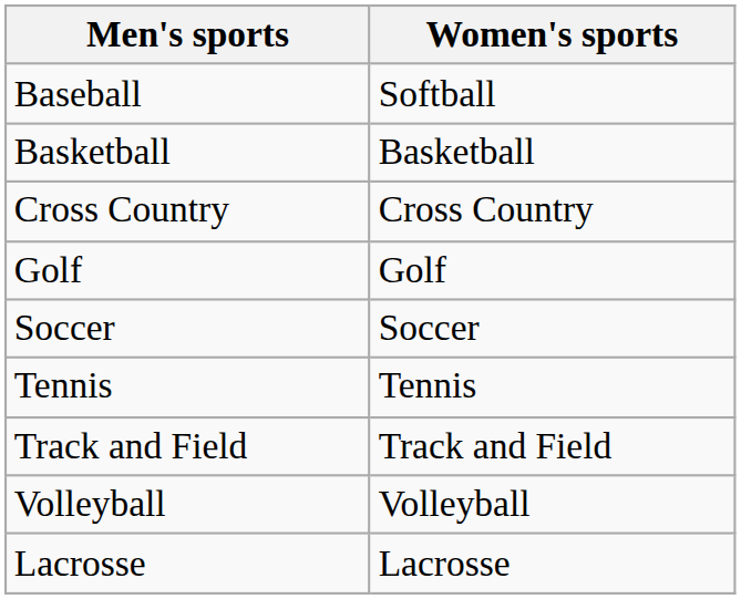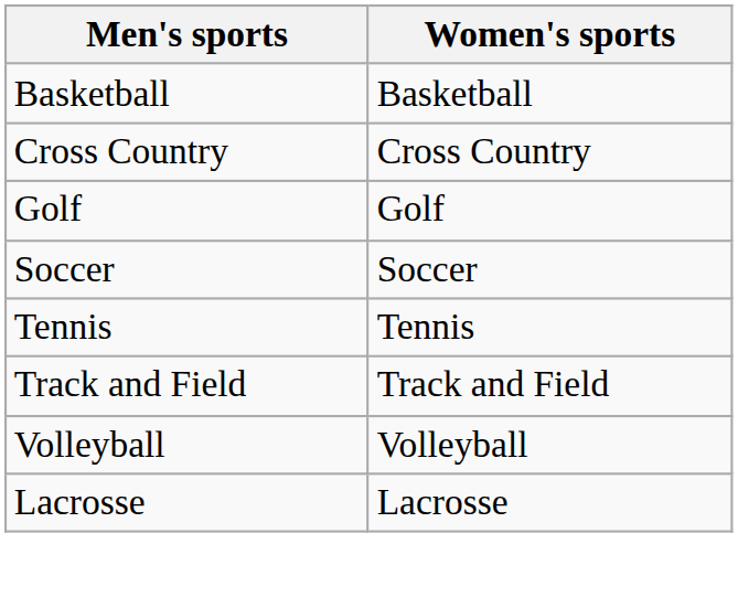 <table class="wikitable"; style= "text-align: ">
 <tr>
 <th width=150px>Men's sports</th>
 <th width=150px>Women's sports</th>
-</tr>
-<tr>
-<td>Baseball</td>
-<td>Softball</td>
 </tr>
 <tr>
 <td>Basketball</td>
 <td>Basketball</td>
 </tr>
 <tr>
 <td>Cross Country</td>
 <td>Cross Country</td>
 </tr>
 <tr>
 <td>Golf</td>
 <td>Golf</td>
 </tr>
 <tr>
 <td>Soccer</td>
 <td>Soccer</td>
 </tr>
 <tr>
 <td>Tennis</td>
 <td>Tennis</td>
 </tr>
 <tr>
 <td>Track and Field</td>
 <td>Track and Field</td>
 </tr>
 <tr>
 <td>Volleyball</td>
 <td>Volleyball</td>
 </tr>
 <tr>
 <td>Lacrosse</td>
 <td>Lacrosse</td>
 </tr>
 </table>
